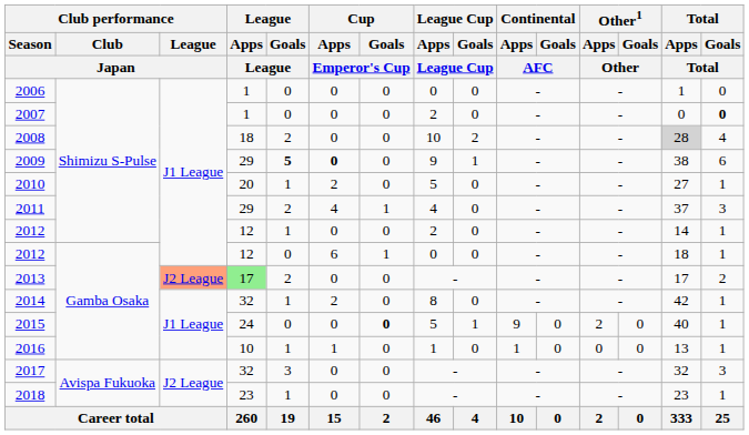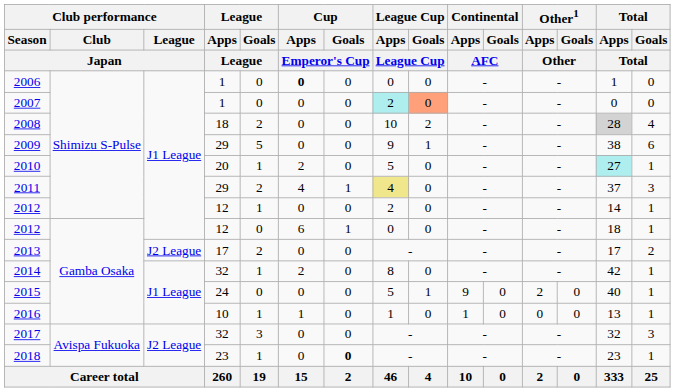 <table class="wikitable" style="text-align:center;">
 <tr>
 <th colspan=3>Club performance</th>
 <th colspan=2>League</th>
 <th colspan=2>Cup</th>
 <th colspan=2>League Cup</th>
 <th colspan=2>Continental</th>
 <th colspan=2>Other<sup>1</sup></th>
 <th colspan=2>Total</th>
 </tr>
 <tr>
 <th>Season</th>
 <th>Club</th>
 <th>League</th>
 <th>Apps</th>
 <th>Goals</th>
 <th>Apps</th>
 <th>Goals</th>
 <th>Apps</th>
 <th>Goals</th>
 <th>Apps</th>
 <th>Goals</th>
 <th>Apps</th>
 <th>Goals</th>
 <th>Apps</th>
 <th>Goals</th>
 </tr>
 <tr>
 <th colspan=3>Japan</th>
 <th colspan=2>League</th>
 <th colspan=2><a href='#'>Emperor's Cup</a></th>
 <th colspan=2><a href='#'>League Cup</a></th>
 <th colspan=2><a href='#'>AFC</a></th>
 <th colspan=2>Other</th>
 <th colspan=2>Total</th>
 </tr>
 <tr>
 <td><a href='#'>2006</a></td>
 <td rowspan="7"><a href='#'>Shimizu S-Pulse</a></td>
 <td rowspan="8"><a href='#'>J1 League</a></td>
 <td>1</td>
 <td>0</td>
-<td>0</td>
+<td><strong>0</strong></td>
 <td>0</td>
 <td>0</td>
 <td>0</td>
 <td colspan="2">-</td>
 <td colspan="2">-</td>
 <td>1</td>
 <td>0</td>
 </tr>
 <tr>
 <td><a href='#'>2007</a></td>
 <td>1</td>
 <td>0</td>
 <td>0</td>
 <td>0</td>
-<td>2</td>
-<td>0</td>
+<td style="background: paleturquoise;">2</td>
+<td style="background: lightsalmon;">0</td>
 <td colspan="2">-</td>
 <td colspan="2">-</td>
 <td>0</td>
-<td><strong>0</strong></td>
+<td>0</td>
 </tr>
 <tr>
 <td><a href='#'>2008</a></td>
 <td>18</td>
 <td>2</td>
 <td>0</td>
 <td>0</td>
 <td>10</td>
 <td>2</td>
 <td colspan="2">-</td>
 <td colspan="2">-</td>
 <td style="background: lightgrey;">28</td>
 <td>4</td>
 </tr>
 <tr>
 <td><a href='#'>2009</a></td>
 <td>29</td>
-<td><strong>5</strong></td>
-<td><strong>0</strong></td>
+<td>5</td>
+<td>0</td>
 <td>0</td>
 <td>9</td>
 <td>1</td>
 <td colspan="2">-</td>
 <td colspan="2">-</td>
 <td>38</td>
 <td>6</td>
 </tr>
 <tr>
 <td><a href='#'>2010</a></td>
 <td>20</td>
 <td>1</td>
 <td>2</td>
 <td>0</td>
 <td>5</td>
 <td>0</td>
 <td colspan="2">-</td>
 <td colspan="2">-</td>
-<td>27</td>
+<td style="background: paleturquoise;">27</td>
 <td>1</td>
 </tr>
 <tr>
 <td><a href='#'>2011</a></td>
 <td>29</td>
 <td>2</td>
 <td>4</td>
 <td>1</td>
-<td>4</td>
+<td style="background: khaki;">4</td>
 <td>0</td>
 <td colspan="2">-</td>
 <td colspan="2">-</td>
 <td>37</td>
 <td>3</td>
 </tr>
 <tr>
 <td><a href='#'>2012</a></td>
 <td>12</td>
 <td>1</td>
 <td>0</td>
 <td>0</td>
 <td>2</td>
 <td>0</td>
 <td colspan="2">-</td>
 <td colspan="2">-</td>
 <td>14</td>
 <td>1</td>
 </tr>
 <tr>
 <td><a href='#'>2012</a></td>
 <td rowspan="5"><a href='#'>Gamba Osaka</a></td>
 <td>12</td>
 <td>0</td>
 <td>6</td>
 <td>1</td>
 <td>0</td>
 <td>0</td>
 <td colspan="2">-</td>
 <td colspan="2">-</td>
 <td>18</td>
 <td>1</td>
 </tr>
 <tr>
 <td><a href='#'>2013</a></td>
-<td style="background: lightsalmon;"><a href='#'>J2 League</a></td>
-<td style="background: lightgreen;">17</td>
+<td><a href='#'>J2 League</a></td>
+<td>17</td>
 <td>2</td>
 <td>0</td>
 <td>0</td>
 <td colspan="2">-</td>
 <td colspan="2">-</td>
 <td colspan="2">-</td>
 <td>17</td>
 <td>2</td>
 </tr>
 <tr>
 <td><a href='#'>2014</a></td>
 <td rowspan="3"><a href='#'>J1 League</a></td>
 <td>32</td>
 <td>1</td>
 <td>2</td>
 <td>0</td>
 <td>8</td>
 <td>0</td>
 <td colspan="2">-</td>
 <td colspan="2">-</td>
 <td>42</td>
 <td>1</td>
 </tr>
 <tr>
 <td><a href='#'>2015</a></td>
 <td>24</td>
 <td>0</td>
 <td>0</td>
-<td><strong>0</strong></td>
+<td>0</td>
 <td>5</td>
 <td>1</td>
 <td>9</td>
 <td>0</td>
 <td>2</td>
 <td>0</td>
 <td>40</td>
 <td>1</td>
 </tr>
 <tr>
 <td><a href='#'>2016</a></td>
 <td>10</td>
 <td>1</td>
 <td>1</td>
 <td>0</td>
 <td>1</td>
 <td>0</td>
 <td>1</td>
 <td>0</td>
 <td>0</td>
 <td>0</td>
 <td>13</td>
 <td>1</td>
 </tr>
 <tr>
 <td><a href='#'>2017</a></td>
 <td rowspan="2"><a href='#'>Avispa Fukuoka</a></td>
 <td rowspan="2"><a href='#'>J2 League</a></td>
 <td>32</td>
 <td>3</td>
 <td>0</td>
 <td>0</td>
 <td colspan="2">-</td>
 <td colspan="2">-</td>
 <td colspan="2">-</td>
 <td>32</td>
 <td>3</td>
 </tr>
 <tr>
 <td><a href='#'>2018</a></td>
 <td>23</td>
 <td>1</td>
 <td>0</td>
-<td>0</td>
+<td><strong>0</strong></td>
 <td colspan="2">-</td>
 <td colspan="2">-</td>
 <td colspan="2">-</td>
 <td>23</td>
 <td>1</td>
 </tr>
 <tr>
 <th colspan=3>Career total</th>
 <th>260</th>
 <th>19</th>
 <th>15</th>
 <th>2</th>
 <th>46</th>
 <th>4</th>
 <th>10</th>
 <th>0</th>
 <th>2</th>
 <th>0</th>
 <th>333</th>
 <th>25</th>
 </tr>
 </table>
